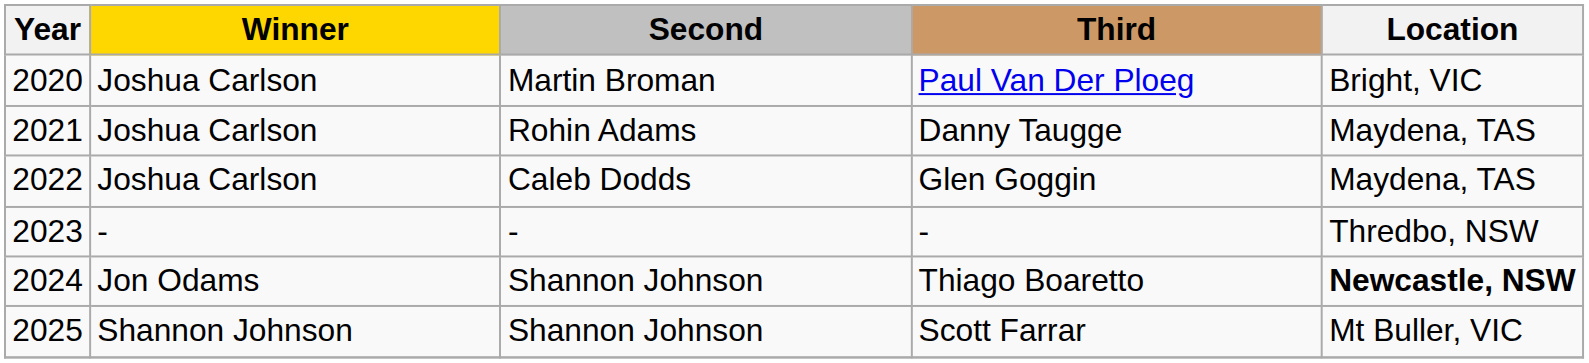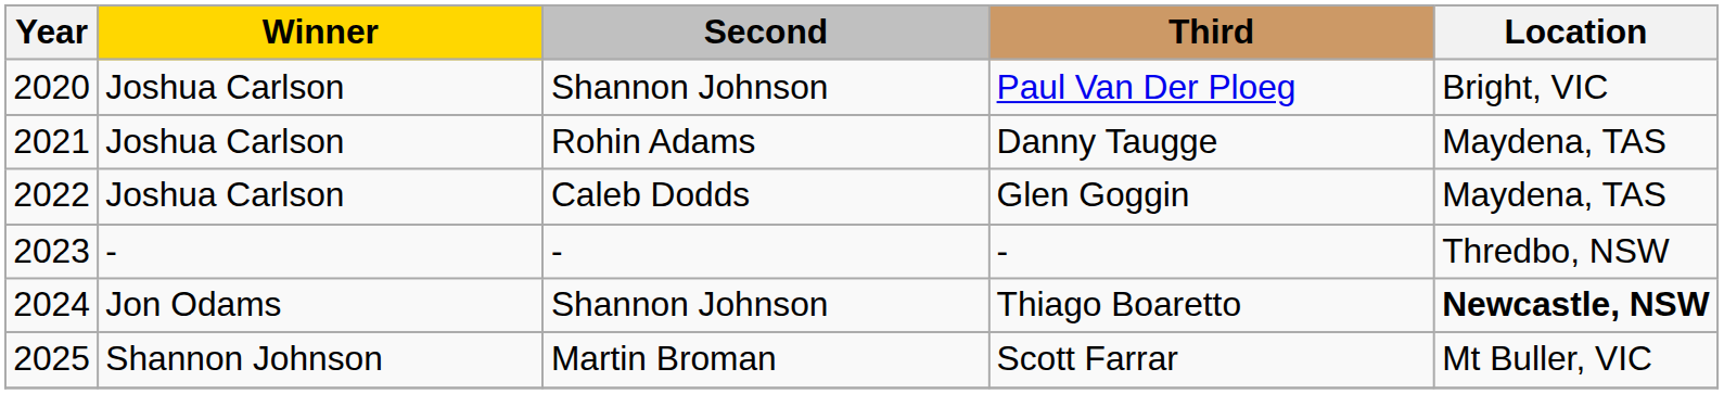 <table class="wikitable sortable">
 <tr>
 <th>Year</th>
 <th scope=col colspan=1 style="width:200px; color: black; background:gold;">Winner</th>
 <th scope=col colspan=1 style="width:200px; color: black; background:silver;">Second</th>
 <th scope=col colspan=1 style="width:200px; color: black; background:#cc9966;">Third</th>
 <th>Location</th>
 </tr>
 <tr>
 <td>2020</td>
 <td>Joshua Carlson</td>
-<td>Martin Broman</td>
+<td>Shannon Johnson</td>
 <td><a href='#'>Paul Van Der Ploeg</a></td>
 <td>Bright, VIC</td>
 </tr>
 <tr>
 <td>2021</td>
 <td>Joshua Carlson</td>
 <td>Rohin Adams</td>
 <td>Danny Taugge</td>
 <td>Maydena, TAS</td>
 </tr>
 <tr>
 <td>2022</td>
 <td>Joshua Carlson</td>
 <td>Caleb Dodds</td>
 <td>Glen Goggin</td>
 <td>Maydena, TAS</td>
 </tr>
 <tr>
 <td>2023</td>
 <td>-</td>
 <td>-</td>
 <td>-</td>
 <td>Thredbo, NSW</td>
 </tr>
 <tr>
 <td>2024</td>
 <td>Jon Odams</td>
 <td>Shannon Johnson</td>
 <td>Thiago Boaretto</td>
 <td><strong>Newcastle, NSW</strong></td>
 </tr>
 <tr>
 <td>2025</td>
 <td>Shannon Johnson</td>
-<td>Shannon Johnson</td>
+<td>Martin Broman</td>
 <td>Scott Farrar</td>
 <td>Mt Buller, VIC</td>
 </tr>
 <tr>
 </tr>
 </table>
